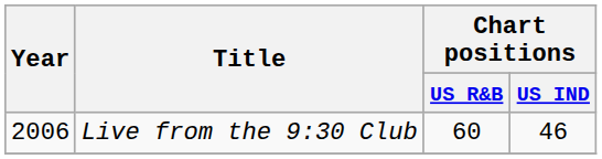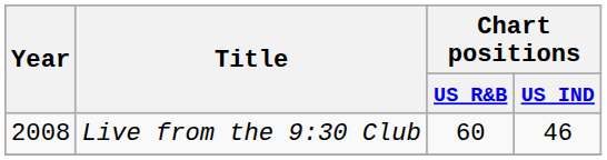 <table class="wikitable">
 <tr>
 <th scope="col" rowspan="2">Year</th>
 <th scope="col" rowspan="2">Title</th>
 <th scope="col" colspan="2">Chart positions</th>
 </tr>
 <tr>
 <th align="center" width="40"><small><a href='#'>US R&B</a></small><br></th>
 <th align="center" width="40"><small><a href='#'>US IND</a></small><br></th>
 </tr>
 <tr>
-<td>2006</td>
+<td>2008</td>
 <td><em>Live from the 9:30 Club</em></td>
 <td align="center">60</td>
 <td align="center">46</td>
 </tr>
 <tr>
 </tr>
 </table>
